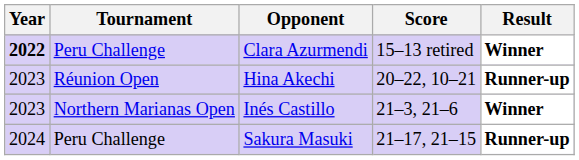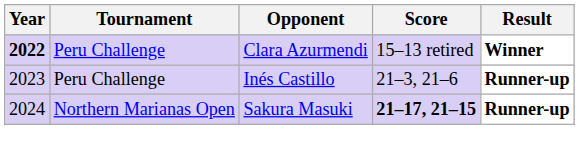 <table class="sortable wikitable" style="font-size: 90%;">
 <tr>
 <th>Year</th>
 <th>Tournament</th>
 <th>Opponent</th>
 <th>Score</th>
 <th>Result</th>
 </tr>
 <tr style="background:#D8CEF6">
 <td align="center"><strong>2022</strong></td>
 <td align="left"><a href='#'>Peru Challenge</a></td>
 <td align="left"> <a href='#'>Clara Azurmendi</a></td>
 <td align="left">15–13 retired</td>
 <td style="text-align:left; background:white"> <strong>Winner</strong></td>
 </tr>
 <tr style="background:#D8CEF6">
 <td align="center">2023</td>
-<td align="left"><a href='#'>Réunion Open</a></td>
-<td align="left"> <a href='#'>Hina Akechi</a></td>
-<td align="left">20–22, 10–21</td>
+<td align="left">Peru Challenge</td>
+<td align="left"> <a href='#'>Inés Castillo</a></td>
+<td align="left">21–3, 21–6</td>
 <td style="text-align:left; background:white"> <strong>Runner-up</strong></td>
 </tr>
 <tr style="background:#D8CEF6">
-<td align="center">2023</td>
+<td align="center">2024</td>
 <td align="left"><a href='#'>Northern Marianas Open</a></td>
-<td align="left"> <a href='#'>Inés Castillo</a></td>
-<td align="left">21–3, 21–6</td>
-<td style="text-align:left; background:white"> <strong>Winner</strong></td>
-</tr>
-<tr style="background:#D8CEF6">
-<td align="center">2024</td>
-<td align="left">Peru Challenge</td>
 <td align="left"> <a href='#'>Sakura Masuki</a></td>
-<td align="left">21–17, 21–15</td>
+<td align="left"><strong>21–17, 21–15</strong></td>
 <td style="text-align:left; background:white"> <strong>Runner-up</strong></td>
 </tr>
 </table>
